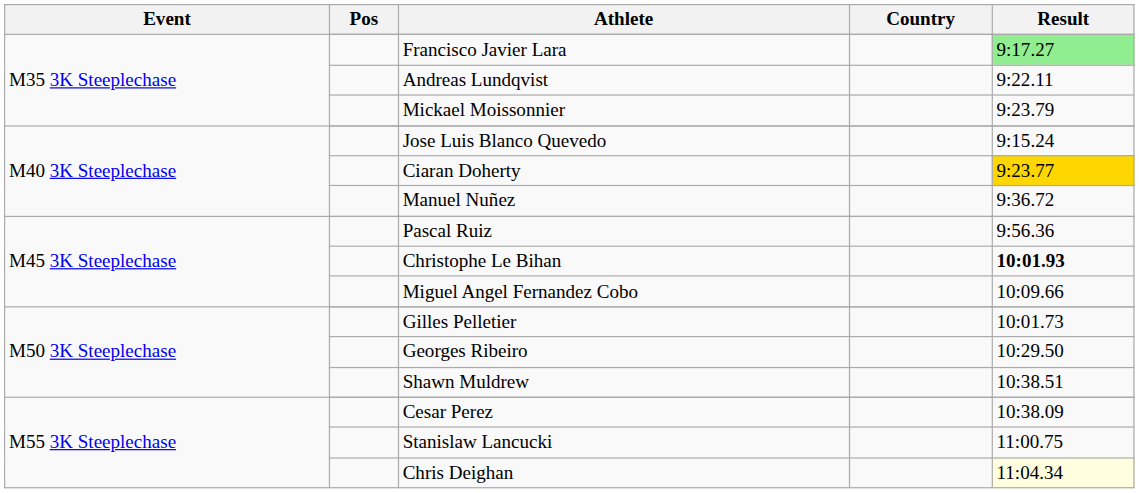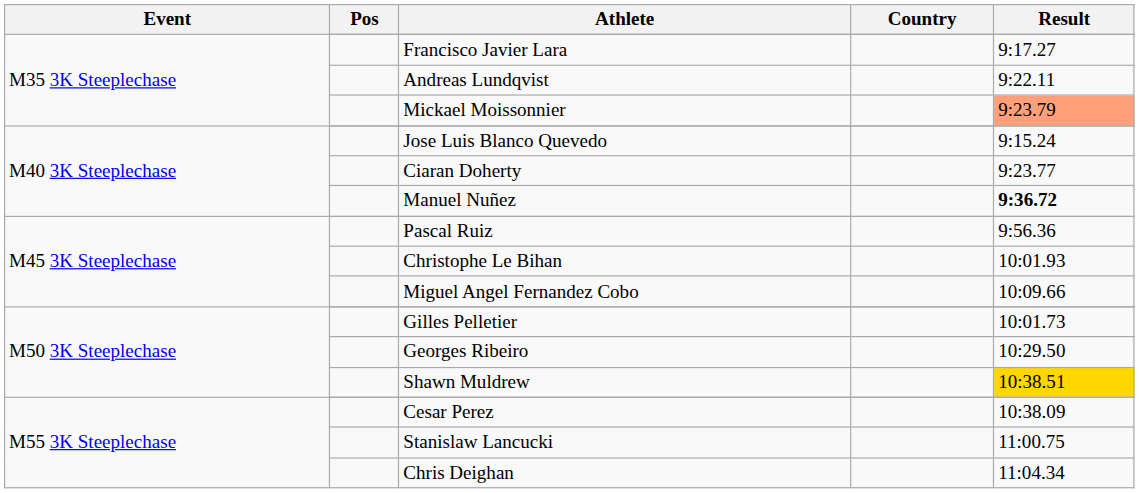 <table class="wikitable" style="width:60%;">
 <tr>
 <th>Event</th>
 <th>Pos</th>
 <th>Athlete</th>
 <th>Country</th>
 <th>Result</th>
 </tr>
 <tr>
 <td rowspan='4'>M35 <a href='#'>3K Steeplechase</a></td>
 </tr>
 <tr>
 <td align=center></td>
 <td align=left>Francisco Javier Lara</td>
 <td align=left></td>
-<td style="background: lightgreen;">9:17.27</td>
+<td>9:17.27</td>
 </tr>
 <tr>
 <td align=center></td>
 <td align=left>Andreas Lundqvist</td>
 <td align=left></td>
 <td>9:22.11</td>
 </tr>
 <tr>
 <td align=center></td>
 <td align=left>Mickael Moissonnier</td>
 <td align=left></td>
-<td>9:23.79</td>
+<td style="background: lightsalmon;">9:23.79</td>
 </tr>
 <tr>
 <td rowspan='4'>M40 <a href='#'>3K Steeplechase</a></td>
 </tr>
 <tr>
 <td align=center></td>
 <td align=left>Jose Luis Blanco Quevedo</td>
 <td align=left></td>
 <td>9:15.24</td>
 </tr>
 <tr>
 <td align=center></td>
 <td align=left>Ciaran Doherty</td>
 <td align=left></td>
-<td style="background: gold;">9:23.77</td>
+<td>9:23.77</td>
 </tr>
 <tr>
 <td align=center></td>
 <td align=left>Manuel Nuñez</td>
 <td align=left></td>
-<td>9:36.72</td>
+<td><strong>9:36.72</strong></td>
 </tr>
 <tr>
 <td rowspan='4'>M45 <a href='#'>3K Steeplechase</a></td>
 </tr>
 <tr>
 <td align=center></td>
 <td align=left>Pascal Ruiz</td>
 <td align=left></td>
 <td>9:56.36</td>
 </tr>
 <tr>
 <td align=center></td>
 <td align=left>Christophe Le Bihan</td>
 <td align=left></td>
-<td><strong>10:01.93</strong></td>
+<td>10:01.93</td>
 </tr>
 <tr>
 <td align=center></td>
 <td align=left>Miguel Angel Fernandez Cobo</td>
 <td align=left></td>
 <td>10:09.66</td>
 </tr>
 <tr>
 <td rowspan='4'>M50 <a href='#'>3K Steeplechase</a></td>
 </tr>
 <tr>
 <td align=center></td>
 <td align=left>Gilles Pelletier</td>
 <td align=left></td>
 <td>10:01.73</td>
 </tr>
 <tr>
 <td align=center></td>
 <td align=left>Georges Ribeiro</td>
 <td align=left></td>
 <td>10:29.50</td>
 </tr>
 <tr>
 <td align=center></td>
 <td align=left>Shawn Muldrew</td>
 <td align=left></td>
-<td>10:38.51</td>
+<td style="background: gold;">10:38.51</td>
 </tr>
 <tr>
 <td rowspan='4'>M55 <a href='#'>3K Steeplechase</a></td>
 </tr>
 <tr>
 <td align=center></td>
 <td align=left>Cesar Perez</td>
 <td align=left></td>
 <td>10:38.09</td>
 </tr>
 <tr>
 <td align=center></td>
 <td align=left>Stanislaw Lancucki</td>
 <td align=left></td>
 <td>11:00.75</td>
 </tr>
 <tr>
 <td align=center></td>
 <td align=left>Chris Deighan</td>
 <td align=left></td>
-<td style="background: lightyellow;">11:04.34</td>
+<td>11:04.34</td>
 </tr>
 </table>
